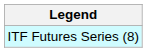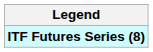 <table class="wikitable">
 <tr>
 <th>Legend</th>
 </tr>
 <tr bgcolor=CFFCFF>
-<td>ITF Futures Series (8)</td>
+<td><strong>ITF Futures Series (8)</strong></td>
 </tr>
 </table>
